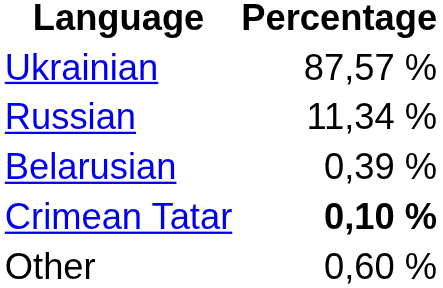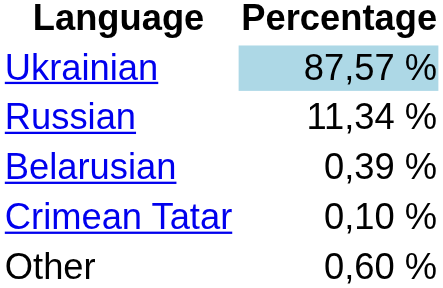 <table class="standard">
 <tr>
 <th>Language</th>
 <th>Percentage</th>
 </tr>
 <tr>
 <td><a href='#'>Ukrainian</a></td>
-<td align="right">87,57 %</td>
+<td align="right" style="background: lightblue;">87,57 %</td>
 </tr>
 <tr>
 <td><a href='#'>Russian</a></td>
 <td align="right">11,34 %</td>
 </tr>
 <tr>
 <td><a href='#'>Belarusian</a></td>
 <td align="right">0,39 %</td>
 </tr>
 <tr>
 <td><a href='#'>Crimean Tatar</a></td>
-<td align="right"><strong>0,10 %</strong></td>
+<td align="right">0,10 %</td>
 </tr>
 <tr>
 <td>Other</td>
 <td align="right">0,60 %</td>
 </tr>
 </table>
